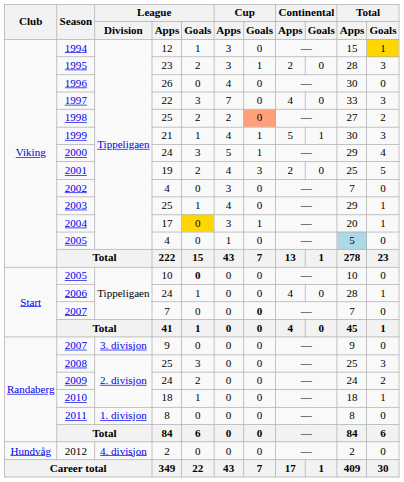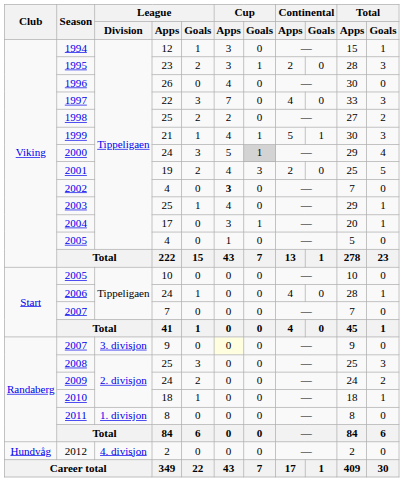 <table class="wikitable" style="text-align: center;">
 <tr>
 <th rowspan="2">Club</th>
 <th rowspan="2">Season</th>
 <th colspan="3">League</th>
 <th colspan="2">Cup</th>
 <th colspan="2">Continental</th>
 <th colspan="2">Total</th>
 </tr>
 <tr>
 <th>Division</th>
 <th>Apps</th>
 <th>Goals</th>
 <th>Apps</th>
 <th>Goals</th>
 <th>Apps</th>
 <th>Goals</th>
 <th>Apps</th>
 <th>Goals</th>
 </tr>
 <tr>
 <td rowspan="13"><a href='#'>Viking</a></td>
 <td><a href='#'>1994</a></td>
 <td rowspan="12"><a href='#'>Tippeligaen</a></td>
 <td>12</td>
 <td>1</td>
 <td>3</td>
 <td>0</td>
 <td colspan="2">—</td>
 <td>15</td>
-<td style="background: gold;">1</td>
+<td>1</td>
 </tr>
 <tr>
 <td><a href='#'>1995</a></td>
 <td>23</td>
 <td>2</td>
 <td>3</td>
 <td>1</td>
 <td>2</td>
 <td>0</td>
 <td>28</td>
 <td>3</td>
 </tr>
 <tr>
 <td><a href='#'>1996</a></td>
 <td>26</td>
 <td>0</td>
 <td>4</td>
 <td>0</td>
 <td colspan="2">—</td>
 <td>30</td>
 <td>0</td>
 </tr>
 <tr>
 <td><a href='#'>1997</a></td>
 <td>22</td>
 <td>3</td>
 <td>7</td>
 <td>0</td>
 <td>4</td>
 <td>0</td>
 <td>33</td>
 <td>3</td>
 </tr>
 <tr>
 <td><a href='#'>1998</a></td>
 <td>25</td>
 <td>2</td>
 <td>2</td>
-<td style="background: lightsalmon;">0</td>
+<td>0</td>
 <td colspan="2">—</td>
 <td>27</td>
 <td>2</td>
 </tr>
 <tr>
 <td><a href='#'>1999</a></td>
 <td>21</td>
 <td>1</td>
 <td>4</td>
 <td>1</td>
 <td>5</td>
 <td>1</td>
 <td>30</td>
 <td>3</td>
 </tr>
 <tr>
 <td><a href='#'>2000</a></td>
 <td>24</td>
 <td>3</td>
 <td>5</td>
-<td>1</td>
+<td style="background: lightgrey;">1</td>
 <td colspan="2">—</td>
 <td>29</td>
 <td>4</td>
 </tr>
 <tr>
 <td><a href='#'>2001</a></td>
 <td>19</td>
 <td>2</td>
 <td>4</td>
 <td>3</td>
 <td>2</td>
 <td>0</td>
 <td>25</td>
 <td>5</td>
 </tr>
 <tr>
 <td><a href='#'>2002</a></td>
 <td>4</td>
 <td>0</td>
-<td>3</td>
+<td><strong>3</strong></td>
 <td>0</td>
 <td colspan="2">—</td>
 <td>7</td>
 <td>0</td>
 </tr>
 <tr>
 <td><a href='#'>2003</a></td>
 <td>25</td>
 <td>1</td>
 <td>4</td>
 <td>0</td>
 <td colspan="2">—</td>
 <td>29</td>
 <td>1</td>
 </tr>
 <tr>
 <td><a href='#'>2004</a></td>
 <td>17</td>
-<td style="background: gold;">0</td>
+<td>0</td>
 <td>3</td>
 <td>1</td>
 <td colspan="2">—</td>
 <td>20</td>
 <td>1</td>
 </tr>
 <tr>
 <td><a href='#'>2005</a></td>
 <td>4</td>
 <td>0</td>
 <td>1</td>
 <td>0</td>
 <td colspan="2">—</td>
-<td style="background: lightblue;">5</td>
+<td>5</td>
 <td>0</td>
 </tr>
 <tr>
 <th colspan="2">Total</th>
 <th>222</th>
 <th>15</th>
 <th>43</th>
 <th>7</th>
 <th>13</th>
 <th>1</th>
 <th>278</th>
 <th>23</th>
 </tr>
 <tr>
 <td rowspan="4"><a href='#'>Start</a></td>
 <td><a href='#'>2005</a></td>
 <td rowspan="3">Tippeligaen</td>
 <td>10</td>
-<td><strong>0</strong></td>
+<td>0</td>
 <td>0</td>
 <td>0</td>
 <td colspan="2">—</td>
 <td>10</td>
 <td>0</td>
 </tr>
 <tr>
 <td><a href='#'>2006</a></td>
 <td>24</td>
 <td>1</td>
 <td>0</td>
 <td>0</td>
 <td>4</td>
 <td>0</td>
 <td>28</td>
 <td>1</td>
 </tr>
 <tr>
 <td><a href='#'>2007</a></td>
 <td>7</td>
 <td>0</td>
 <td>0</td>
-<td><strong>0</strong></td>
+<td>0</td>
 <td colspan="2">—</td>
 <td>7</td>
 <td>0</td>
 </tr>
 <tr>
 <th colspan="2">Total</th>
 <th>41</th>
 <th>1</th>
 <th>0</th>
 <th>0</th>
 <th>4</th>
 <th>0</th>
 <th>45</th>
 <th>1</th>
 </tr>
 <tr>
 <td rowspan="6"><a href='#'>Randaberg</a></td>
 <td><a href='#'>2007</a></td>
 <td><a href='#'>3. divisjon</a></td>
 <td>9</td>
 <td>0</td>
-<td>0</td>
+<td style="background: lightyellow;">0</td>
 <td>0</td>
 <td colspan="2">—</td>
 <td>9</td>
 <td>0</td>
 </tr>
 <tr>
 <td><a href='#'>2008</a></td>
 <td rowspan="3"><a href='#'>2. divisjon</a></td>
 <td>25</td>
 <td>3</td>
 <td>0</td>
 <td>0</td>
 <td colspan="2">—</td>
 <td>25</td>
 <td>3</td>
 </tr>
 <tr>
 <td><a href='#'>2009</a></td>
 <td>24</td>
 <td>2</td>
 <td>0</td>
 <td>0</td>
 <td colspan="2">—</td>
 <td>24</td>
 <td>2</td>
 </tr>
 <tr>
 <td><a href='#'>2010</a></td>
 <td>18</td>
 <td>1</td>
 <td>0</td>
 <td>0</td>
 <td colspan="2">—</td>
 <td>18</td>
 <td>1</td>
 </tr>
 <tr>
 <td><a href='#'>2011</a></td>
 <td><a href='#'>1. divisjon</a></td>
 <td>8</td>
 <td>0</td>
 <td>0</td>
 <td>0</td>
 <td colspan="2">—</td>
 <td>8</td>
 <td>0</td>
 </tr>
 <tr>
 <th colspan="2">Total</th>
 <th>84</th>
 <th>6</th>
 <th>0</th>
 <th>0</th>
 <th colspan="2">—</th>
 <th>84</th>
 <th>6</th>
 </tr>
 <tr>
 <td><a href='#'>Hundvåg</a></td>
 <td>2012</td>
 <td><a href='#'>4. divisjon</a></td>
 <td>2</td>
 <td>0</td>
 <td>0</td>
 <td>0</td>
 <td colspan="2">—</td>
 <td>2</td>
 <td>0</td>
 </tr>
 <tr>
 <th colspan="3">Career total</th>
 <th>349</th>
 <th>22</th>
 <th>43</th>
 <th>7</th>
 <th>17</th>
 <th>1</th>
 <th>409</th>
 <th>30</th>
 </tr>
 </table>
